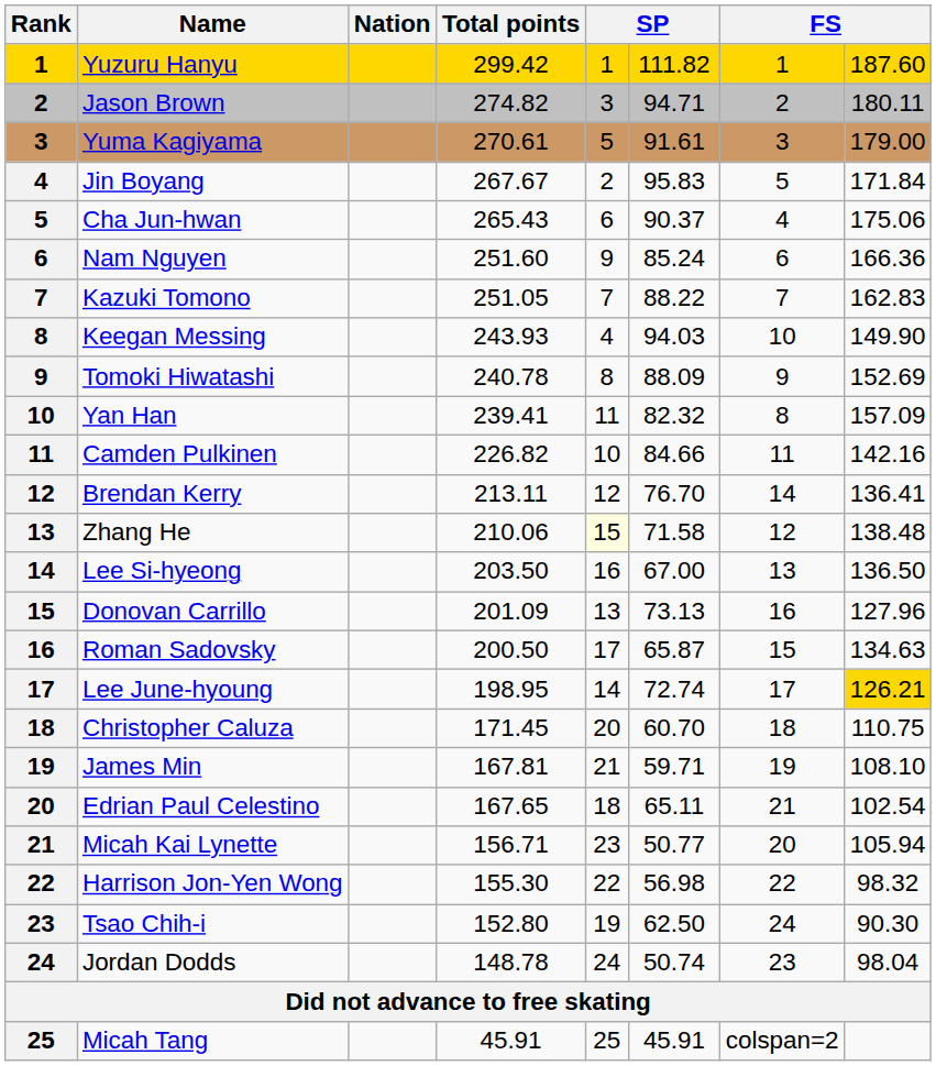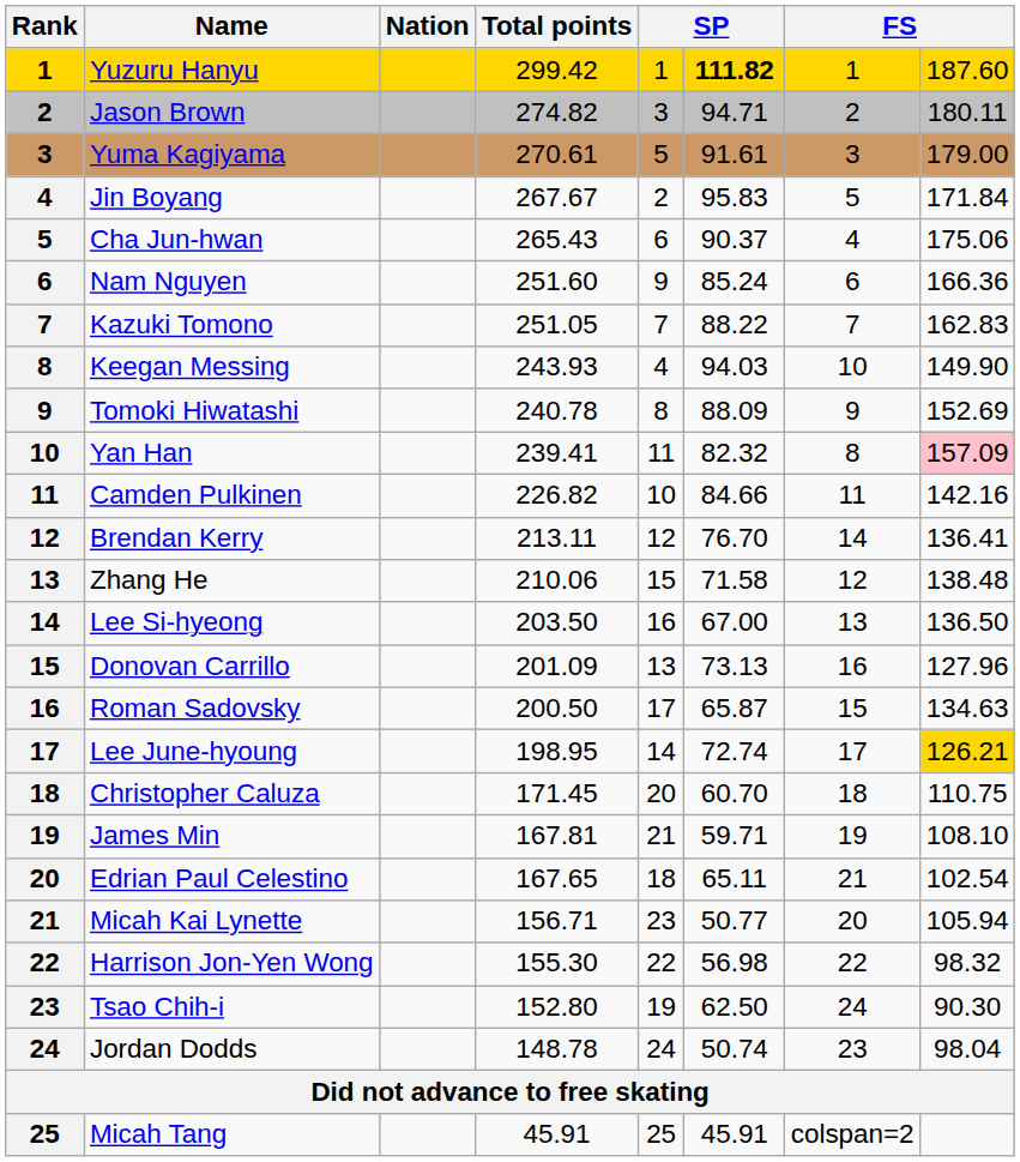 <table class="wikitable sortable">
 <tr>
 <th>Rank</th>
 <th>Name</th>
 <th>Nation</th>
 <th>Total points</th>
 <th colspan="2" width="80px"><a href='#'>SP</a></th>
 <th colspan="2" width="80px"><a href='#'>FS</a></th>
 </tr>
 <tr bgcolor="gold">
 <td align="center"><strong>1</strong></td>
 <td><a href='#'>Yuzuru Hanyu</a></td>
 <td></td>
 <td align="center">299.42</td>
 <td align="center">1</td>
-<td align="center">111.82</td>
+<td align="center"><strong>111.82</strong></td>
 <td align="center">1</td>
 <td align="center">187.60</td>
 </tr>
 <tr bgcolor="silver">
 <td align="center"><strong>2</strong></td>
 <td><a href='#'>Jason Brown</a></td>
 <td></td>
 <td align="center">274.82</td>
 <td align="center">3</td>
 <td align="center">94.71</td>
 <td align="center">2</td>
 <td align="center">180.11</td>
 </tr>
 <tr bgcolor="cc9966">
 <td align="center"><strong>3</strong></td>
 <td><a href='#'>Yuma Kagiyama</a></td>
 <td></td>
 <td align="center">270.61</td>
 <td align="center">5</td>
 <td align="center">91.61</td>
 <td align="center">3</td>
 <td align="center">179.00</td>
 </tr>
 <tr>
 <th>4</th>
 <td><a href='#'>Jin Boyang</a></td>
 <td></td>
 <td align="center">267.67</td>
 <td align="center">2</td>
 <td align="center">95.83</td>
 <td align="center">5</td>
 <td align="center">171.84</td>
 </tr>
 <tr>
 <th>5</th>
 <td><a href='#'>Cha Jun-hwan</a></td>
 <td></td>
 <td align="center">265.43</td>
 <td align="center">6</td>
 <td align="center">90.37</td>
 <td align="center">4</td>
 <td align="center">175.06</td>
 </tr>
 <tr>
 <th>6</th>
 <td><a href='#'>Nam Nguyen</a></td>
 <td></td>
 <td align="center">251.60</td>
 <td align="center">9</td>
 <td align="center">85.24</td>
 <td align="center">6</td>
 <td align="center">166.36</td>
 </tr>
 <tr>
 <th>7</th>
 <td><a href='#'>Kazuki Tomono</a></td>
 <td></td>
 <td align="center">251.05</td>
 <td align="center">7</td>
 <td align="center">88.22</td>
 <td align="center">7</td>
 <td align="center">162.83</td>
 </tr>
 <tr>
 <th>8</th>
 <td><a href='#'>Keegan Messing</a></td>
 <td></td>
 <td align="center">243.93</td>
 <td align="center">4</td>
 <td align="center">94.03</td>
 <td align="center">10</td>
 <td align="center">149.90</td>
 </tr>
 <tr>
 <th>9</th>
 <td><a href='#'>Tomoki Hiwatashi</a></td>
 <td></td>
 <td align="center">240.78</td>
 <td align="center">8</td>
 <td align="center">88.09</td>
 <td align="center">9</td>
 <td align="center">152.69</td>
 </tr>
 <tr>
 <th>10</th>
 <td><a href='#'>Yan Han</a></td>
 <td></td>
 <td align="center">239.41</td>
 <td align="center">11</td>
 <td align="center">82.32</td>
 <td align="center">8</td>
-<td align="center">157.09</td>
+<td align="center" style="background: pink;">157.09</td>
 </tr>
 <tr>
 <th>11</th>
 <td><a href='#'>Camden Pulkinen</a></td>
 <td></td>
 <td align="center">226.82</td>
 <td align="center">10</td>
 <td align="center">84.66</td>
 <td align="center">11</td>
 <td align="center">142.16</td>
 </tr>
 <tr>
 <th>12</th>
 <td><a href='#'>Brendan Kerry</a></td>
 <td></td>
 <td align="center">213.11</td>
 <td align="center">12</td>
 <td align="center">76.70</td>
 <td align="center">14</td>
 <td align="center">136.41</td>
 </tr>
 <tr>
 <th>13</th>
 <td>Zhang He</td>
 <td></td>
 <td align="center">210.06</td>
-<td align="center" style="background: lightyellow;">15</td>
+<td align="center">15</td>
 <td align="center">71.58</td>
 <td align="center">12</td>
 <td align="center">138.48</td>
 </tr>
 <tr>
 <th>14</th>
 <td><a href='#'>Lee Si-hyeong</a></td>
 <td></td>
 <td align="center">203.50</td>
 <td align="center">16</td>
 <td align="center">67.00</td>
 <td align="center">13</td>
 <td align="center">136.50</td>
 </tr>
 <tr>
 <th>15</th>
 <td><a href='#'>Donovan Carrillo</a></td>
 <td></td>
 <td align="center">201.09</td>
 <td align="center">13</td>
 <td align="center">73.13</td>
 <td align="center">16</td>
 <td align="center">127.96</td>
 </tr>
 <tr>
 <th>16</th>
 <td><a href='#'>Roman Sadovsky</a></td>
 <td></td>
 <td align="center">200.50</td>
 <td align="center">17</td>
 <td align="center">65.87</td>
 <td align="center">15</td>
 <td align="center">134.63</td>
 </tr>
 <tr>
 <th>17</th>
 <td><a href='#'>Lee June-hyoung</a></td>
 <td></td>
 <td align="center">198.95</td>
 <td align="center">14</td>
 <td align="center">72.74</td>
 <td align="center">17</td>
 <td align="center" style="background: gold;">126.21</td>
 </tr>
 <tr>
 <th>18</th>
 <td><a href='#'>Christopher Caluza</a></td>
 <td></td>
 <td align="center">171.45</td>
 <td align="center">20</td>
 <td align="center">60.70</td>
 <td align="center">18</td>
 <td align="center">110.75</td>
 </tr>
 <tr>
 <th>19</th>
 <td><a href='#'>James Min</a></td>
 <td></td>
 <td align="center">167.81</td>
 <td align="center">21</td>
 <td align="center">59.71</td>
 <td align="center">19</td>
 <td align="center">108.10</td>
 </tr>
 <tr>
 <th>20</th>
 <td><a href='#'>Edrian Paul Celestino</a></td>
 <td></td>
 <td align="center">167.65</td>
 <td align="center">18</td>
 <td align="center">65.11</td>
 <td align="center">21</td>
 <td align="center">102.54</td>
 </tr>
 <tr>
 <th>21</th>
 <td><a href='#'>Micah Kai Lynette</a></td>
 <td></td>
 <td align="center">156.71</td>
 <td align="center">23</td>
 <td align="center">50.77</td>
 <td align="center">20</td>
 <td align="center">105.94</td>
 </tr>
 <tr>
 <th>22</th>
 <td><a href='#'>Harrison Jon-Yen Wong</a></td>
 <td></td>
 <td align="center">155.30</td>
 <td align="center">22</td>
 <td align="center">56.98</td>
 <td align="center">22</td>
 <td align="center">98.32</td>
 </tr>
 <tr>
 <th>23</th>
 <td><a href='#'>Tsao Chih-i</a></td>
 <td></td>
 <td align="center">152.80</td>
 <td align="center">19</td>
 <td align="center">62.50</td>
 <td align="center">24</td>
 <td align="center">90.30</td>
 </tr>
 <tr>
 <th>24</th>
 <td>Jordan Dodds</td>
 <td></td>
 <td align="center">148.78</td>
 <td align="center">24</td>
 <td align="center">50.74</td>
 <td align="center">23</td>
 <td align="center">98.04</td>
 </tr>
 <tr>
 <th colspan=8>Did not advance to free skating</th>
 </tr>
 <tr>
 <th>25</th>
 <td><a href='#'>Micah Tang</a></td>
 <td></td>
 <td align="center">45.91</td>
 <td align="center">25</td>
 <td align="center">45.91</td>
 <td>colspan=2 </td>
 </tr>
 </table>
